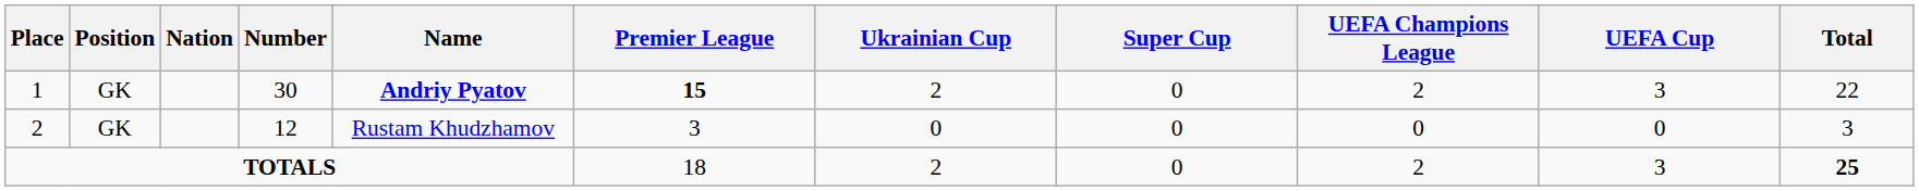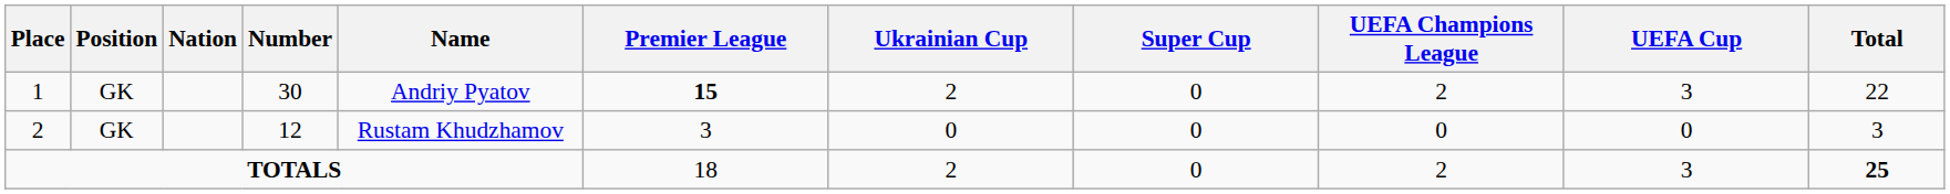 <table class="wikitable" style="font-size: 95%; text-align: center;">
 <tr>
 <th width=20>Place</th>
 <th width=20>Position</th>
 <th width=20>Nation</th>
 <th width=20>Number</th>
 <th width=150>Name</th>
 <th width=150><a href='#'>Premier League</a></th>
 <th width=150><a href='#'>Ukrainian Cup</a></th>
 <th width=150><a href='#'>Super Cup</a></th>
 <th width=150><a href='#'>UEFA Champions League</a></th>
 <th width=150><a href='#'>UEFA Cup</a></th>
 <th width=80>Total</th>
 </tr>
 <tr>
 <td>1</td>
 <td>GK</td>
 <td></td>
 <td>30</td>
-<td><strong><a href='#'>Andriy Pyatov</a></strong></td>
+<td><a href='#'>Andriy Pyatov</a></td>
 <td><strong>15</strong></td>
 <td>2</td>
 <td>0</td>
 <td>2</td>
 <td>3</td>
 <td>22</td>
 </tr>
 <tr>
 <td>2</td>
 <td>GK</td>
 <td></td>
 <td>12</td>
 <td><a href='#'>Rustam Khudzhamov</a></td>
 <td>3</td>
 <td>0</td>
 <td>0</td>
 <td>0</td>
 <td>0</td>
 <td>3</td>
 </tr>
 <tr>
 <td colspan="5"><strong>TOTALS</strong></td>
 <td>18</td>
 <td>2</td>
 <td>0</td>
 <td>2</td>
 <td>3</td>
 <td><strong>25</strong></td>
 </tr>
 </table>
